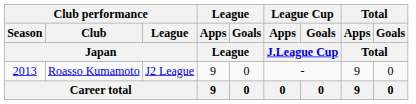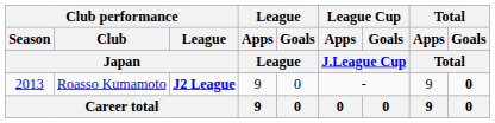 <table class="wikitable" style="text-align:center">
 <tr>
 <th colspan="3">Club performance</th>
 <th colspan="2">League</th>
 <th colspan="2">League Cup</th>
 <th colspan="2">Total</th>
 </tr>
 <tr>
 <th>Season</th>
 <th>Club</th>
 <th>League</th>
 <th>Apps</th>
 <th>Goals</th>
 <th>Apps</th>
 <th>Goals</th>
 <th>Apps</th>
 <th>Goals</th>
 </tr>
 <tr>
 <th colspan="3">Japan</th>
 <th colspan="2">League</th>
 <th colspan="2"><a href='#'>J.League Cup</a></th>
 <th colspan="2">Total</th>
 </tr>
 <tr>
 <td><a href='#'>2013</a></td>
 <td><a href='#'>Roasso Kumamoto</a></td>
-<td><a href='#'>J2 League</a></td>
+<td><strong><a href='#'>J2 League</a></strong></td>
 <td>9</td>
 <td>0</td>
 <td colspan="2">-</td>
 <td>9</td>
-<td>0</td>
+<td><strong>0</strong></td>
 </tr>
 <tr>
 <th colspan=3>Career total</th>
 <th>9</th>
 <th>0</th>
 <th>0</th>
 <th>0</th>
 <th>9</th>
 <th>0</th>
 </tr>
 </table>
